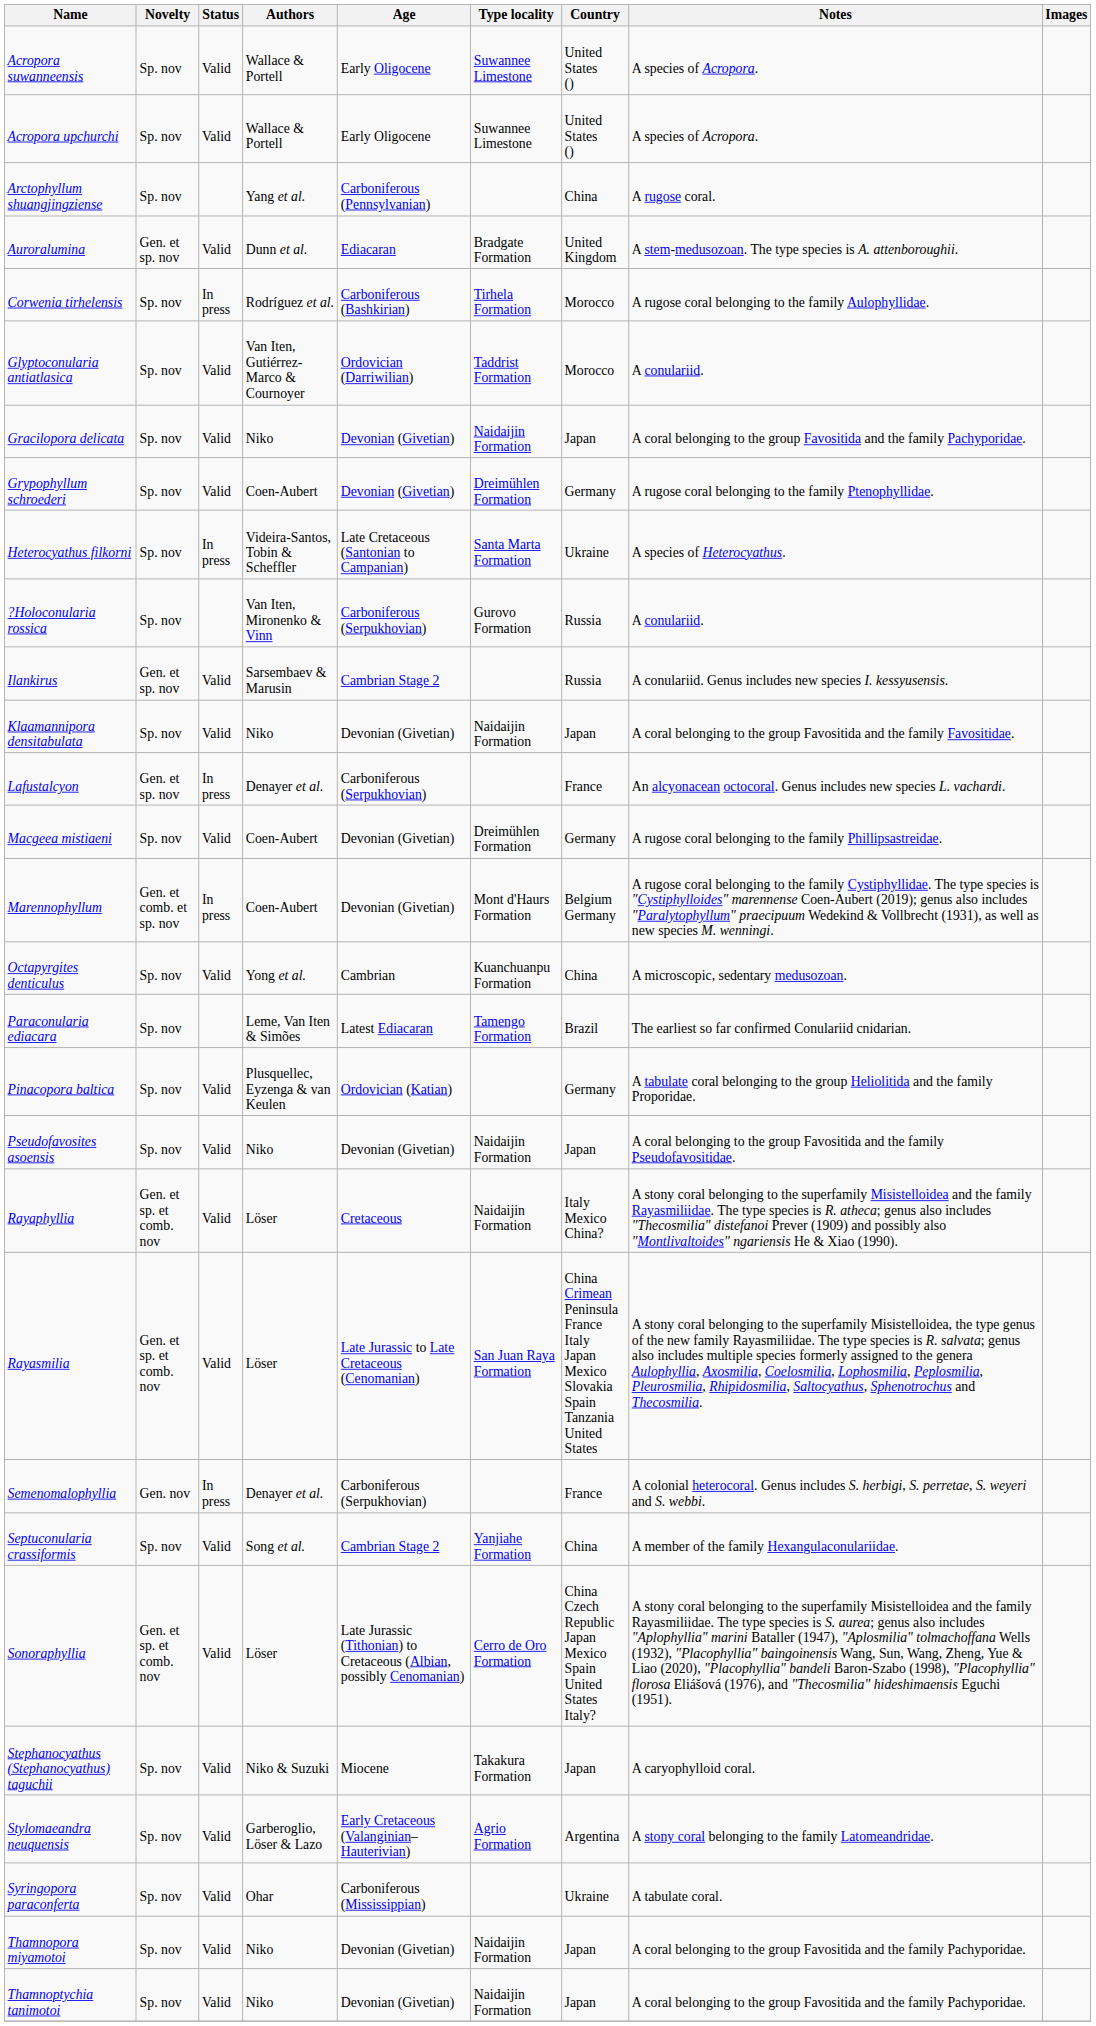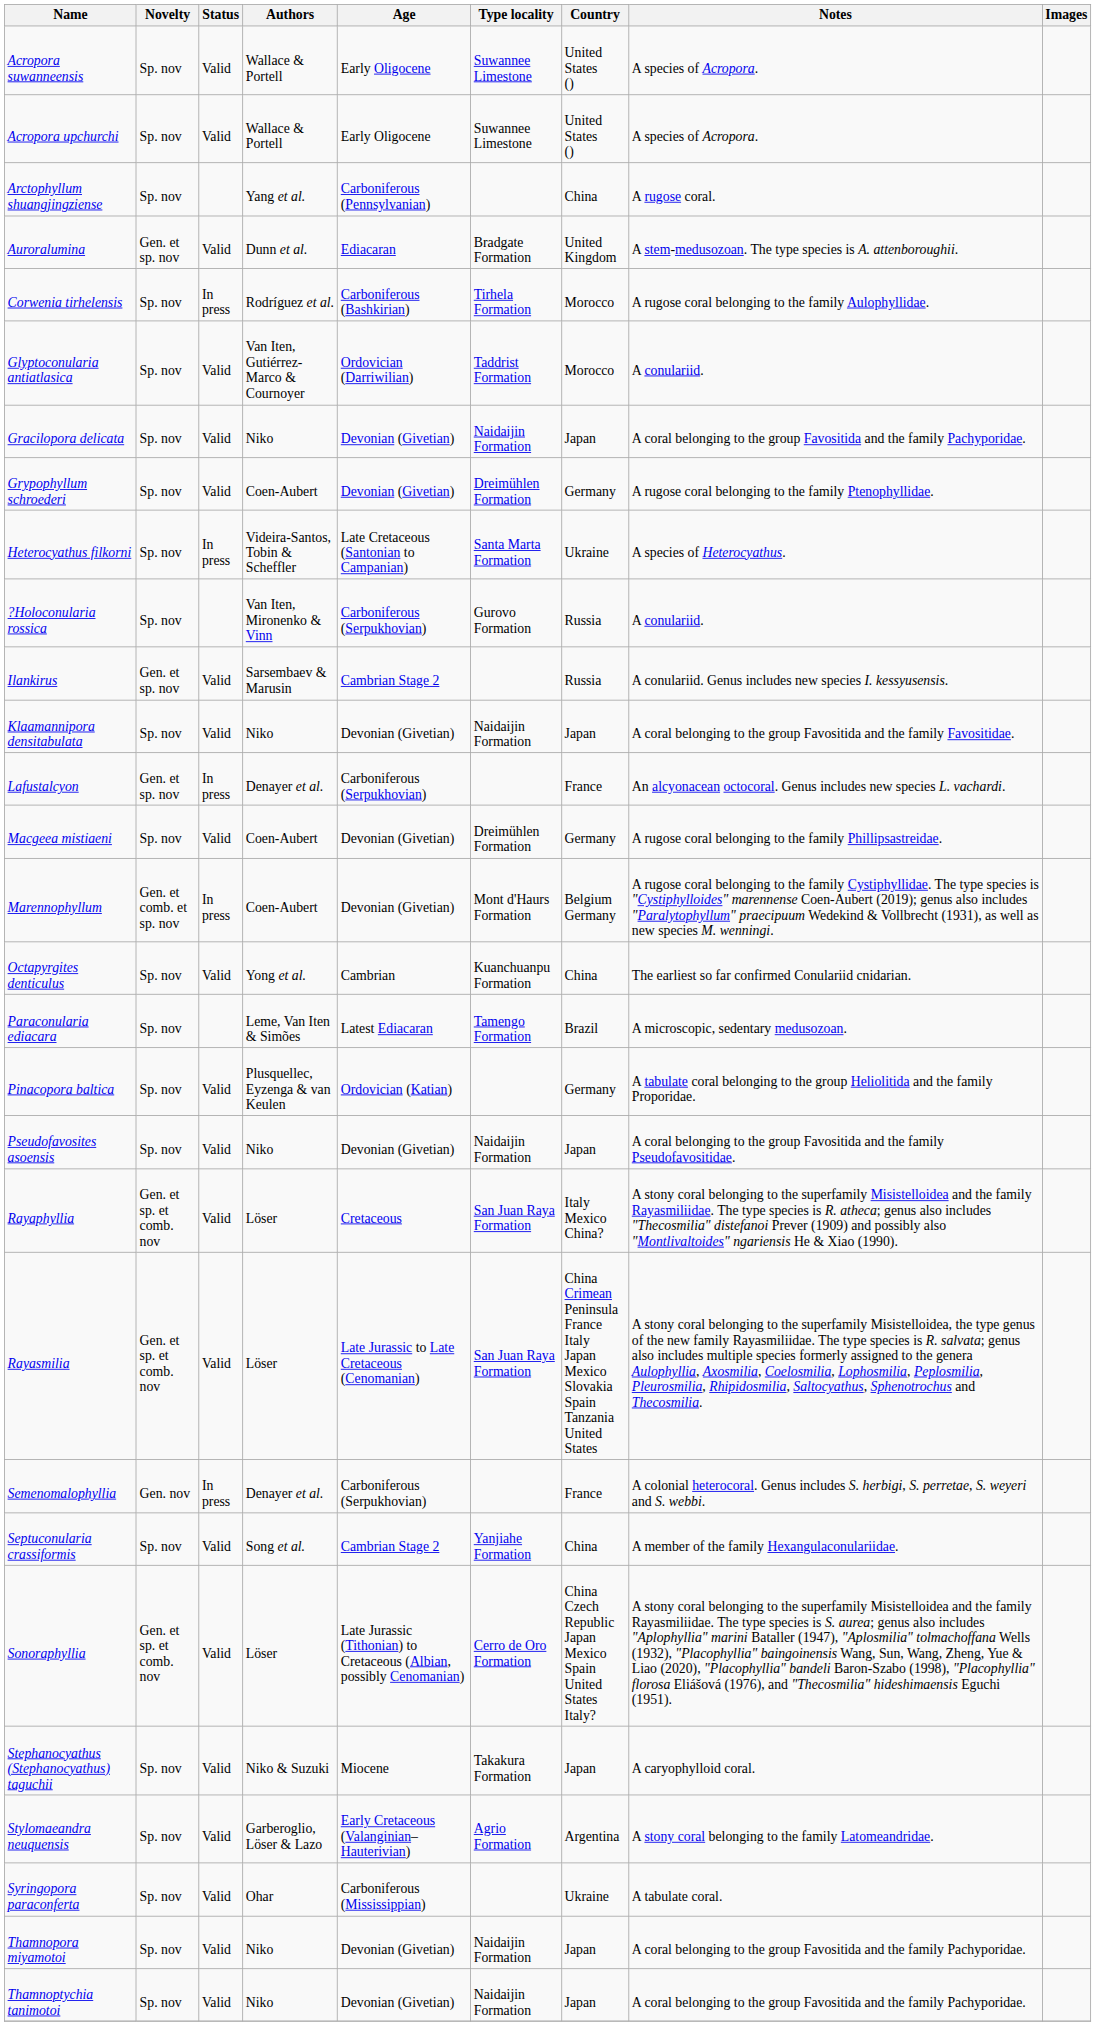 <table class="wikitable sortable" align="center" width="100%">
 <tr>
 <th>Name</th>
 <th>Novelty</th>
 <th>Status</th>
 <th>Authors</th>
 <th>Age</th>
 <th>Type locality</th>
 <th>Country</th>
 <th>Notes</th>
 <th>Images</th>
 </tr>
 <tr>
 <td><br><em><a href='#'>Acropora suwanneensis</a></em></td>
 <td><br>Sp. nov</td>
 <td><br>Valid</td>
 <td><br>Wallace & Portell</td>
 <td><br>Early <a href='#'>Oligocene</a></td>
 <td><br><a href='#'>Suwannee Limestone</a></td>
 <td><br>United States<br>()</td>
 <td><br>A species of <em><a href='#'>Acropora</a></em>.</td>
 <td></td>
 </tr>
 <tr>
 <td><br><em><a href='#'>Acropora upchurchi</a></em></td>
 <td><br>Sp. nov</td>
 <td><br>Valid</td>
 <td><br>Wallace & Portell</td>
 <td><br>Early Oligocene</td>
 <td><br>Suwannee Limestone</td>
 <td><br>United States<br>()</td>
 <td><br>A species of <em>Acropora</em>.</td>
 <td></td>
 </tr>
 <tr>
 <td><br><em><a href='#'>Arctophyllum shuangjingziense</a></em></td>
 <td><br>Sp. nov</td>
 <td></td>
 <td><br>Yang <em>et al.</em></td>
 <td><br><a href='#'>Carboniferous</a> (<a href='#'>Pennsylvanian</a>)</td>
 <td></td>
 <td><br>China</td>
 <td><br>A <a href='#'>rugose</a> coral.</td>
 <td></td>
 </tr>
 <tr>
 <td><br><em><a href='#'>Auroralumina</a></em></td>
 <td><br>Gen. et sp. nov</td>
 <td><br>Valid</td>
 <td><br>Dunn <em>et al.</em></td>
 <td><br><a href='#'>Ediacaran</a></td>
 <td><br>Bradgate Formation</td>
 <td><br>United Kingdom</td>
 <td><br>A <a href='#'>stem</a>-<a href='#'>medusozoan</a>. The type species is <em>A. attenboroughii</em>.</td>
 <td></td>
 </tr>
 <tr>
 <td><br><em><a href='#'>Corwenia tirhelensis</a></em></td>
 <td><br>Sp. nov</td>
 <td><br>In press</td>
 <td><br>Rodríguez <em>et al.</em></td>
 <td><br><a href='#'>Carboniferous</a> (<a href='#'>Bashkirian</a>)</td>
 <td><br><a href='#'>Tirhela Formation</a></td>
 <td><br>Morocco</td>
 <td><br>A rugose coral belonging to the family <a href='#'>Aulophyllidae</a>.</td>
 <td></td>
 </tr>
 <tr>
 <td><br><em><a href='#'>Glyptoconularia antiatlasica</a></em></td>
 <td><br>Sp. nov</td>
 <td><br>Valid</td>
 <td><br>Van Iten, Gutiérrez-Marco & Cournoyer</td>
 <td><br><a href='#'>Ordovician</a> (<a href='#'>Darriwilian</a>)</td>
 <td><br><a href='#'>Taddrist Formation</a></td>
 <td><br>Morocco</td>
 <td><br>A <a href='#'>conulariid</a>.</td>
 <td></td>
 </tr>
 <tr>
 <td><br><em><a href='#'>Gracilopora delicata</a></em></td>
 <td><br>Sp. nov</td>
 <td><br>Valid</td>
 <td><br>Niko</td>
 <td><br><a href='#'>Devonian</a> (<a href='#'>Givetian</a>)</td>
 <td><br><a href='#'>Naidaijin Formation</a></td>
 <td><br>Japan</td>
 <td><br>A coral belonging to the group <a href='#'>Favositida</a> and the family <a href='#'>Pachyporidae</a>.</td>
 <td></td>
 </tr>
 <tr>
 <td><br><em><a href='#'>Grypophyllum schroederi</a></em></td>
 <td><br>Sp. nov</td>
 <td><br>Valid</td>
 <td><br>Coen-Aubert</td>
 <td><br><a href='#'>Devonian</a> (<a href='#'>Givetian</a>)</td>
 <td><br><a href='#'>Dreimühlen Formation</a></td>
 <td><br>Germany</td>
 <td><br>A rugose coral belonging to the family <a href='#'>Ptenophyllidae</a>.</td>
 <td></td>
 </tr>
 <tr>
 <td><br><em><a href='#'>Heterocyathus filkorni</a></em></td>
 <td><br>Sp. nov</td>
 <td><br>In press</td>
 <td><br>Videira-Santos, Tobin & Scheffler</td>
 <td><br>Late Cretaceous (<a href='#'>Santonian</a> to <a href='#'>Campanian</a>)</td>
 <td><br><a href='#'>Santa Marta Formation</a></td>
 <td><br>Ukraine</td>
 <td><br>A species of <em><a href='#'>Heterocyathus</a></em>.</td>
 <td></td>
 </tr>
 <tr>
 <td><br><em><a href='#'>?Holoconularia rossica</a></em></td>
 <td><br>Sp. nov</td>
 <td></td>
 <td><br>Van Iten, Mironenko & <a href='#'>Vinn</a></td>
 <td><br><a href='#'>Carboniferous</a> (<a href='#'>Serpukhovian</a>)</td>
 <td><br>Gurovo Formation</td>
 <td><br>Russia</td>
 <td><br>A <a href='#'>conulariid</a>.</td>
 <td></td>
 </tr>
 <tr>
 <td><br><em><a href='#'>Ilankirus</a></em></td>
 <td><br>Gen. et sp. nov</td>
 <td><br>Valid</td>
 <td><br>Sarsembaev & Marusin</td>
 <td><br><a href='#'>Cambrian Stage 2</a></td>
 <td></td>
 <td><br>Russia</td>
 <td><br>A conulariid. Genus includes new species <em>I. kessyusensis</em>.</td>
 <td></td>
 </tr>
 <tr>
 <td><br><em><a href='#'>Klaamannipora densitabulata</a></em></td>
 <td><br>Sp. nov</td>
 <td><br>Valid</td>
 <td><br>Niko</td>
 <td><br>Devonian (Givetian)</td>
 <td><br>Naidaijin Formation</td>
 <td><br>Japan</td>
 <td><br>A coral belonging to the group Favositida and the family <a href='#'>Favositidae</a>.</td>
 <td></td>
 </tr>
 <tr>
 <td><br><em><a href='#'>Lafustalcyon</a></em></td>
 <td><br>Gen. et sp. nov</td>
 <td><br>In press</td>
 <td><br>Denayer <em>et al.</em></td>
 <td><br>Carboniferous (<a href='#'>Serpukhovian</a>)</td>
 <td></td>
 <td><br>France</td>
 <td><br>An <a href='#'>alcyonacean</a> <a href='#'>octocoral</a>. Genus includes new species <em>L. vachardi</em>.</td>
 <td></td>
 </tr>
 <tr>
 <td><br><em><a href='#'>Macgeea mistiaeni</a></em></td>
 <td><br>Sp. nov</td>
 <td><br>Valid</td>
 <td><br>Coen-Aubert</td>
 <td><br>Devonian (Givetian)</td>
 <td><br>Dreimühlen Formation</td>
 <td><br>Germany</td>
 <td><br>A rugose coral belonging to the family <a href='#'>Phillipsastreidae</a>.</td>
 <td></td>
 </tr>
 <tr>
 <td><br><em><a href='#'>Marennophyllum</a></em></td>
 <td><br>Gen. et comb. et sp. nov</td>
 <td><br>In press</td>
 <td><br>Coen-Aubert</td>
 <td><br>Devonian (Givetian)</td>
 <td><br>Mont d'Haurs Formation</td>
 <td><br>Belgium<br> Germany</td>
 <td><br>A rugose coral belonging to the family <a href='#'>Cystiphyllidae</a>. The type species is <em>"<a href='#'>Cystiphylloides</a>" marennense</em> Coen-Aubert (2019); genus also includes <em>"<a href='#'>Paralytophyllum</a>" praecipuum</em> Wedekind & Vollbrecht (1931), as well as new species <em>M. wenningi</em>.</td>
 <td></td>
 </tr>
 <tr>
 <td><br><em><a href='#'>Octapyrgites denticulus</a></em></td>
 <td><br>Sp. nov</td>
 <td><br>Valid</td>
 <td><br>Yong <em>et al.</em></td>
 <td><br>Cambrian</td>
 <td><br>Kuanchuanpu Formation</td>
 <td><br>China</td>
-<td><br>A microscopic, sedentary <a href='#'>medusozoan</a>.</td>
+<td><br>The earliest so far confirmed Conulariid cnidarian.</td>
 <td></td>
 </tr>
 <tr>
 <td><br><em><a href='#'>Paraconularia ediacara</a></em></td>
 <td><br>Sp. nov</td>
 <td></td>
 <td><br>Leme, Van Iten & Simões</td>
 <td><br>Latest <a href='#'>Ediacaran</a></td>
 <td><br><a href='#'>Tamengo Formation</a></td>
 <td><br>Brazil</td>
-<td><br>The earliest so far confirmed Conulariid cnidarian.</td>
+<td><br>A microscopic, sedentary <a href='#'>medusozoan</a>.</td>
 <td></td>
 </tr>
 <tr>
 <td><br><em><a href='#'>Pinacopora baltica</a></em></td>
 <td><br>Sp. nov</td>
 <td><br>Valid</td>
 <td><br>Plusquellec, Eyzenga & van Keulen</td>
 <td><br><a href='#'>Ordovician</a> (<a href='#'>Katian</a>)</td>
 <td></td>
 <td><br>Germany</td>
 <td><br>A <a href='#'>tabulate</a> coral belonging to the group <a href='#'>Heliolitida</a> and the family Proporidae.</td>
 <td></td>
 </tr>
 <tr>
 <td><br><em><a href='#'>Pseudofavosites asoensis</a></em></td>
 <td><br>Sp. nov</td>
 <td><br>Valid</td>
 <td><br>Niko</td>
 <td><br>Devonian (Givetian)</td>
 <td><br>Naidaijin Formation</td>
 <td><br>Japan</td>
 <td><br>A coral belonging to the group Favositida and the family <a href='#'>Pseudofavositidae</a>.</td>
 <td></td>
 </tr>
 <tr>
 <td><br><em><a href='#'>Rayaphyllia</a></em></td>
 <td><br>Gen. et sp. et comb. nov</td>
 <td><br>Valid</td>
 <td><br>Löser</td>
 <td><br><a href='#'>Cretaceous</a></td>
-<td><br>Naidaijin Formation</td>
+<td><br><a href='#'>San Juan Raya Formation</a></td>
 <td><br>Italy<br> Mexico<br> China?</td>
 <td><br>A stony coral belonging to the superfamily <a href='#'>Misistelloidea</a> and the family <a href='#'>Rayasmiliidae</a>. The type species is <em>R. atheca</em>; genus also includes <em>"Thecosmilia" distefanoi</em> Prever (1909) and possibly also <em>"<a href='#'>Montlivaltoides</a>" ngariensis</em> He & Xiao (1990).</td>
 <td></td>
 </tr>
 <tr>
 <td><br><em><a href='#'>Rayasmilia</a></em></td>
 <td><br>Gen. et sp. et comb. nov</td>
 <td><br>Valid</td>
 <td><br>Löser</td>
 <td><br><a href='#'>Late Jurassic</a> to <a href='#'>Late Cretaceous</a> (<a href='#'>Cenomanian</a>)</td>
 <td><br><a href='#'>San Juan Raya Formation</a></td>
 <td><br>China<br> <a href='#'>Crimean</a> Peninsula<br> France<br> Italy<br> Japan<br> Mexico<br> Slovakia<br> Spain<br> Tanzania<br> United States</td>
 <td><br>A stony coral belonging to the superfamily Misistelloidea, the type genus of the new family Rayasmiliidae. The type species is <em>R. salvata</em>; genus also includes multiple species formerly assigned to the genera <em><a href='#'>Aulophyllia</a></em>, <em><a href='#'>Axosmilia</a></em>, <em><a href='#'>Coelosmilia</a></em>, <em><a href='#'>Lophosmilia</a></em>, <em><a href='#'>Peplosmilia</a></em>, <em><a href='#'>Pleurosmilia</a></em>, <em><a href='#'>Rhipidosmilia</a></em>, <em><a href='#'>Saltocyathus</a></em>, <em><a href='#'>Sphenotrochus</a></em> and <em><a href='#'>Thecosmilia</a></em>.</td>
 <td></td>
 </tr>
 <tr>
 <td><br><em><a href='#'>Semenomalophyllia</a></em></td>
 <td><br>Gen. nov</td>
 <td><br>In press</td>
 <td><br>Denayer <em>et al.</em></td>
 <td><br>Carboniferous (Serpukhovian)</td>
 <td></td>
 <td><br>France</td>
 <td><br>A colonial <a href='#'>heterocoral</a>. Genus includes <em>S. herbigi</em>, <em>S. perretae</em>, <em>S. weyeri</em> and <em>S. webbi</em>.</td>
 <td></td>
 </tr>
 <tr>
 <td><br><em><a href='#'>Septuconularia crassiformis</a></em></td>
 <td><br>Sp. nov</td>
 <td><br>Valid</td>
 <td><br>Song <em>et al.</em></td>
 <td><br><a href='#'>Cambrian Stage 2</a></td>
 <td><br><a href='#'>Yanjiahe Formation</a></td>
 <td><br>China</td>
 <td><br>A member of the family <a href='#'>Hexangulaconulariidae</a>.</td>
 <td></td>
 </tr>
 <tr>
 <td><br><em><a href='#'>Sonoraphyllia</a></em></td>
 <td><br>Gen. et sp. et comb. nov</td>
 <td><br>Valid</td>
 <td><br>Löser</td>
 <td><br>Late Jurassic (<a href='#'>Tithonian</a>) to Cretaceous (<a href='#'>Albian</a>, possibly <a href='#'>Cenomanian</a>)</td>
 <td><br><a href='#'>Cerro de Oro Formation</a></td>
 <td><br>China<br> Czech Republic<br> Japan<br> Mexico<br> Spain<br> United States<br> Italy?</td>
 <td><br>A stony coral belonging to the superfamily Misistelloidea and the family Rayasmiliidae. The type species is <em>S. aurea</em>; genus also includes <em>"Aplophyllia" marini</em> Bataller (1947), <em>"Aplosmilia" tolmachoffana</em> Wells (1932), <em>"Placophyllia" baingoinensis</em> Wang, Sun, Wang, Zheng, Yue & Liao (2020), <em>"Placophyllia" bandeli</em> Baron-Szabo (1998), <em>"Placophyllia" florosa</em> Eliášová (1976), and <em>"Thecosmilia" hideshimaensis</em> Eguchi (1951).</td>
 <td></td>
 </tr>
 <tr>
 <td><br><em><a href='#'>Stephanocyathus (Stephanocyathus) taguchii</a></em></td>
 <td><br>Sp. nov</td>
 <td><br>Valid</td>
 <td><br>Niko & Suzuki</td>
 <td><br>Miocene</td>
 <td><br>Takakura Formation</td>
 <td><br>Japan</td>
 <td><br>A caryophylloid coral.</td>
 <td></td>
 </tr>
 <tr>
 <td><br><em><a href='#'>Stylomaeandra neuquensis</a></em></td>
 <td><br>Sp. nov</td>
 <td><br>Valid</td>
 <td><br>Garberoglio, Löser & Lazo</td>
 <td><br><a href='#'>Early Cretaceous</a> (<a href='#'>Valanginian</a>–<a href='#'>Hauterivian</a>)</td>
 <td><br><a href='#'>Agrio Formation</a></td>
 <td><br>Argentina</td>
 <td><br>A <a href='#'>stony coral</a> belonging to the family <a href='#'>Latomeandridae</a>.</td>
 <td></td>
 </tr>
 <tr>
 <td><br><em><a href='#'>Syringopora paraconferta</a></em></td>
 <td><br>Sp. nov</td>
 <td><br>Valid</td>
 <td><br>Ohar</td>
 <td><br>Carboniferous (<a href='#'>Mississippian</a>)</td>
 <td></td>
 <td><br>Ukraine</td>
 <td><br>A tabulate coral.</td>
 <td></td>
 </tr>
 <tr>
 <td><br><em><a href='#'>Thamnopora miyamotoi</a></em></td>
 <td><br>Sp. nov</td>
 <td><br>Valid</td>
 <td><br>Niko</td>
 <td><br>Devonian (Givetian)</td>
 <td><br>Naidaijin Formation</td>
 <td><br>Japan</td>
 <td><br>A coral belonging to the group Favositida and the family Pachyporidae.</td>
 <td></td>
 </tr>
 <tr>
 <td><br><em><a href='#'>Thamnoptychia tanimotoi</a></em></td>
 <td><br>Sp. nov</td>
 <td><br>Valid</td>
 <td><br>Niko</td>
 <td><br>Devonian (Givetian)</td>
 <td><br>Naidaijin Formation</td>
 <td><br>Japan</td>
 <td><br>A coral belonging to the group Favositida and the family Pachyporidae.</td>
 <td></td>
 </tr>
 <tr>
 </tr>
 </table>
